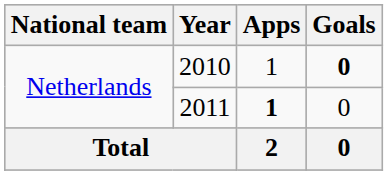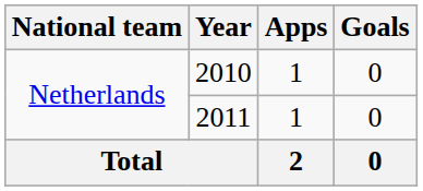 <table class="wikitable" style="text-align:center">
 <tr>
 <th>National team</th>
 <th>Year</th>
 <th>Apps</th>
 <th>Goals</th>
 </tr>
 <tr>
 <td rowspan="2"><a href='#'>Netherlands</a></td>
 <td>2010</td>
 <td>1</td>
-<td><strong>0</strong></td>
+<td>0</td>
 </tr>
 <tr>
 <td>2011</td>
-<td><strong>1</strong></td>
+<td>1</td>
 <td>0</td>
 </tr>
 <tr>
 <th colspan="2">Total</th>
 <th>2</th>
 <th>0</th>
 </tr>
 </table>
